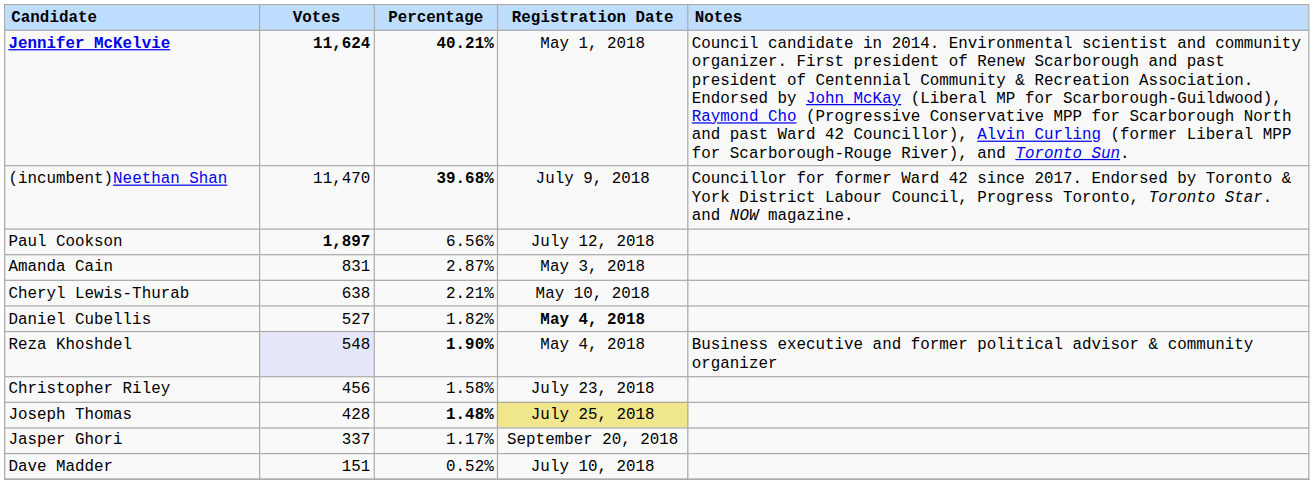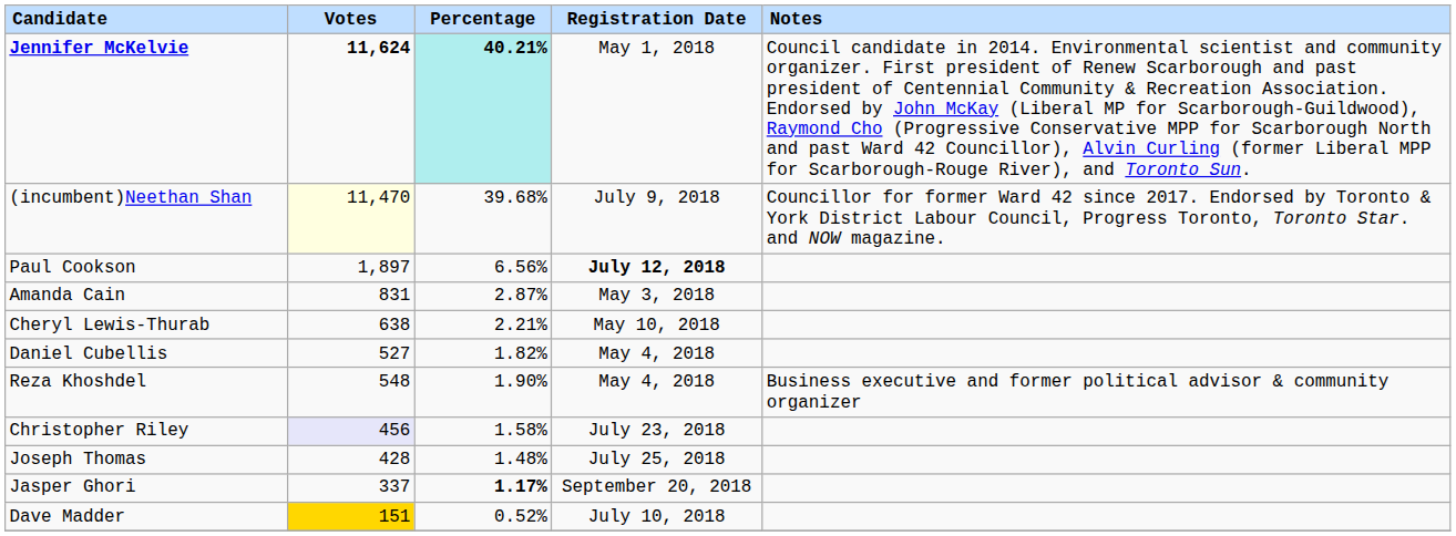 <table class="sortable wikitable">
 <tr>
 <th scope="col" style="background-color:#bfdeff;width:200px;text-align:left;padding-left:5px;">Candidate</th>
 <th scope="col" style="background-color:#bfdeff;width:88px;">Votes</th>
 <th scope="col" style="background-color:#bfdeff;width:95px;">Percentage</th>
 <th scope="col" style="background-color:#bfdeff;width:150px;">Registration Date</th>
 <th scope="col" style="background-color:#bfdeff;width:500px;text-align:left;padding-left:5px;">Notes</th>
 </tr>
 <tr>
 <td valign="top"><strong><a href='#'>Jennifer McKelvie</a></strong></td>
 <td valign="top" align="right"><strong>11,624</strong></td>
-<td valign="top" align="right"><strong>40.21%</strong></td>
+<td valign="top" align="right" style="background: paleturquoise;"><strong>40.21%</strong></td>
 <td valign="top" align="center">May 1, 2018</td>
 <td>Council candidate in 2014. Environmental scientist and community organizer. First president of Renew Scarborough and past president of Centennial Community & Recreation Association. Endorsed by <a href='#'>John McKay</a> (Liberal MP for Scarborough-Guildwood), <a href='#'>Raymond Cho</a> (Progressive Conservative MPP for Scarborough North and past Ward 42 Councillor), <a href='#'>Alvin Curling</a> (former Liberal MPP for Scarborough-Rouge River), and <em><a href='#'>Toronto Sun</a></em>.</td>
 </tr>
 <tr>
 <td valign="top">(incumbent)<a href='#'>Neethan Shan</a></td>
-<td valign="top" align="right">11,470</td>
-<td valign="top" align="right"><strong>39.68%</strong></td>
+<td valign="top" align="right" style="background: lightyellow;">11,470</td>
+<td valign="top" align="right">39.68%</td>
 <td valign="top" align="center">July 9, 2018</td>
 <td>Councillor for former Ward 42 since 2017. Endorsed by Toronto & York District Labour Council, Progress Toronto, <em>Toronto Star</em>. and <em>NOW</em> magazine.</td>
 </tr>
 <tr>
 <td valign="top">Paul Cookson</td>
-<td valign="top" align="right"><strong>1,897</strong></td>
+<td valign="top" align="right">1,897</td>
 <td valign="top" align="right">6.56%</td>
-<td valign="top" align="center">July 12, 2018</td>
+<td valign="top" align="center"><strong>July 12, 2018</strong></td>
 <td></td>
 </tr>
 <tr>
 <td valign="top">Amanda Cain</td>
 <td valign="top" align="right">831</td>
 <td valign="top" align="right">2.87%</td>
 <td valign="top" align="center">May 3, 2018</td>
 <td></td>
 </tr>
 <tr>
 <td valign="top">Cheryl Lewis-Thurab</td>
 <td valign="top" align="right">638</td>
 <td valign="top" align="right">2.21%</td>
 <td valign="top" align="center">May 10, 2018</td>
 <td></td>
 </tr>
 <tr>
 <td valign="top">Daniel Cubellis</td>
 <td valign="top" align="right">527</td>
 <td valign="top" align="right">1.82%</td>
-<td valign="top" align="center"><strong>May 4, 2018</strong></td>
+<td valign="top" align="center">May 4, 2018</td>
 <td></td>
 </tr>
 <tr>
 <td valign="top">Reza Khoshdel</td>
-<td valign="top" align="right" style="background: lavender;">548</td>
-<td valign="top" align="right"><strong>1.90%</strong></td>
+<td valign="top" align="right">548</td>
+<td valign="top" align="right">1.90%</td>
 <td valign="top" align="center">May 4, 2018</td>
 <td>Business executive and former political advisor & community organizer</td>
 </tr>
 <tr>
 <td valign="top">Christopher Riley</td>
-<td valign="top" align="right">456</td>
+<td valign="top" align="right" style="background: lavender;">456</td>
 <td valign="top" align="right">1.58%</td>
 <td valign="top" align="center">July 23, 2018</td>
 <td></td>
 </tr>
 <tr>
 <td valign="top">Joseph Thomas</td>
 <td valign="top" align="right">428</td>
-<td valign="top" align="right"><strong>1.48%</strong></td>
-<td valign="top" align="center" style="background: khaki;">July 25, 2018</td>
+<td valign="top" align="right">1.48%</td>
+<td valign="top" align="center">July 25, 2018</td>
 <td></td>
 </tr>
 <tr>
 <td valign="top">Jasper Ghori</td>
 <td valign="top" align="right">337</td>
-<td valign="top" align="right">1.17%</td>
+<td valign="top" align="right"><strong>1.17%</strong></td>
 <td valign="top" align="center">September 20, 2018</td>
 <td></td>
 </tr>
 <tr>
 <td valign="top">Dave Madder</td>
-<td valign="top" align="right">151</td>
+<td valign="top" align="right" style="background: gold;">151</td>
 <td valign="top" align="right">0.52%</td>
 <td valign="top" align="center">July 10, 2018</td>
 <td></td>
 </tr>
 <tr>
 </tr>
 </table>
